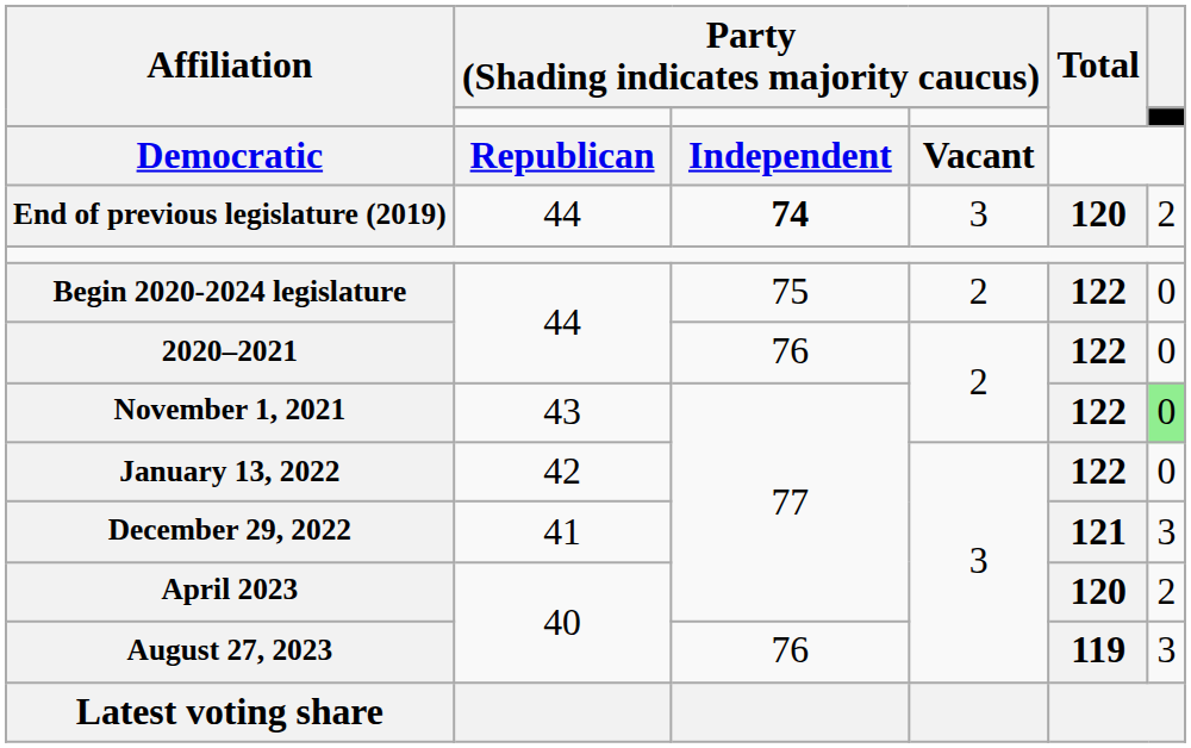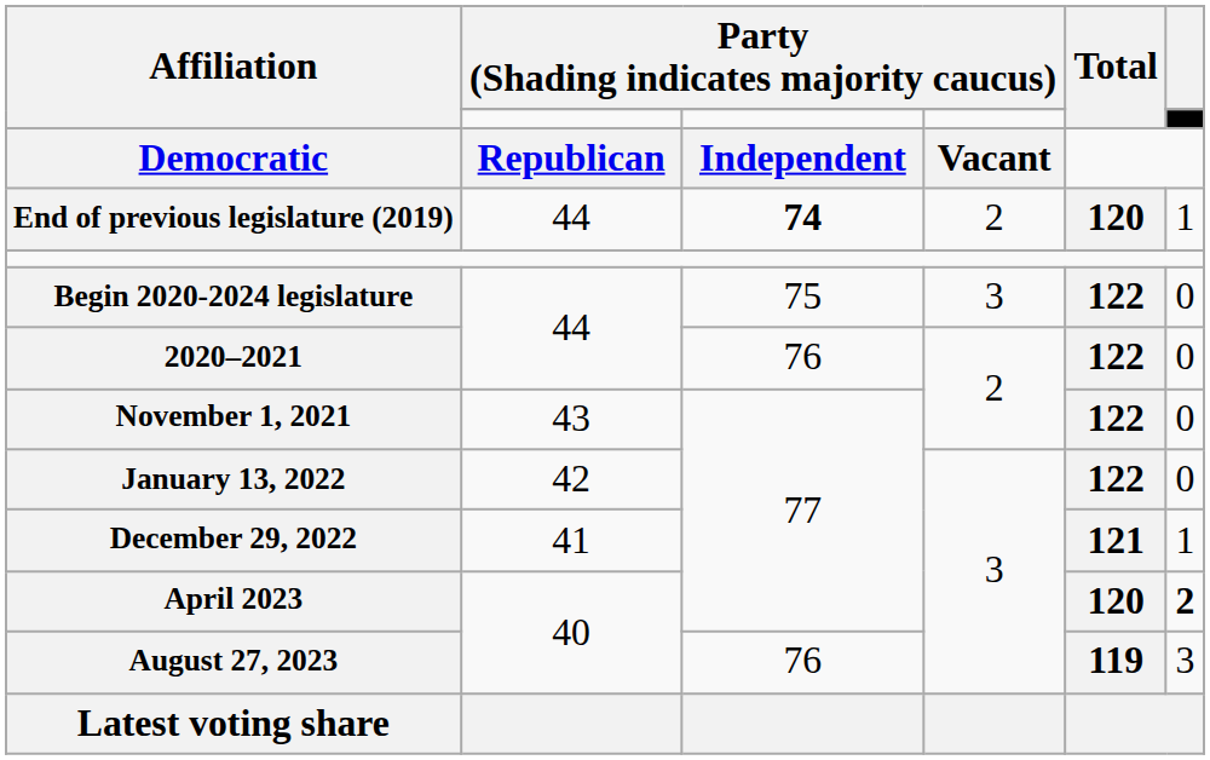 <table class="wikitable" style="text-align:center">
 <tr>
 <th rowspan="3">Affiliation</th>
 <th colspan="3">Party<div>(Shading indicates majority caucus)</div></th>
 <th rowspan="3">Total</th>
 <th></th>
 </tr>
 <tr>
 </tr>
 <tr style="height:5px">
 <td style="background-color:"></td>
 <td style="background-color:"></td>
 <td style="background-color:"></td>
 <td style="background:black"></td>
 </tr>
 <tr>
 <th><a href='#'>Democratic</a></th>
 <th><a href='#'>Republican</a></th>
 <th><a href='#'>Independent</a></th>
 <th>Vacant</th>
 </tr>
 <tr>
 <th style="font-size:80%">End of previous legislature (2019)</th>
 <td>44</td>
 <td><strong>74</strong></td>
-<td>3</td>
+<td>2</td>
 <th>120</th>
-<td>2</td>
+<td>1</td>
 </tr>
 <tr>
 <td colspan="7"></td>
 </tr>
 <tr>
 <th style="font-size:80%">Begin 2020-2024 legislature</th>
 <td rowspan="2">44</td>
 <td>75</td>
-<td>2</td>
+<td>3</td>
 <th>122</th>
 <td>0</td>
 </tr>
 <tr>
 <th style="font-size:80%">2020–2021</th>
 <td>76</td>
 <td rowspan="2">2</td>
 <th>122</th>
 <td>0</td>
 </tr>
 <tr>
 <th style="font-size:80%">November 1, 2021</th>
 <td>43</td>
 <td rowspan="4" >77</td>
 <th>122</th>
-<td style="background: lightgreen;">0</td>
+<td>0</td>
 </tr>
 <tr>
 <th style="font-size:80%">January 13, 2022</th>
 <td>42</td>
 <td rowspan="4">3</td>
 <th>122</th>
 <td>0</td>
 </tr>
 <tr>
 <th style="font-size:80%">December 29, 2022</th>
 <td>41</td>
 <th>121</th>
-<td>3</td>
+<td>1</td>
 </tr>
 <tr>
 <th style="font-size:80%">April 2023</th>
 <td rowspan="2">40</td>
 <th>120</th>
-<td>2</td>
+<td><strong>2</strong></td>
 </tr>
 <tr>
 <th style="font-size:80%">August 27, 2023</th>
 <td>76</td>
 <th>119</th>
 <td>3</td>
 </tr>
 <tr>
 <th>Latest voting share</th>
 <th></th>
 <th></th>
 <th></th>
 <th colspan="2"></th>
 </tr>
 </table>
